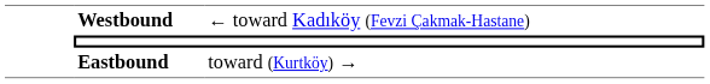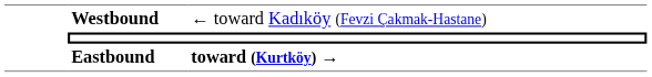 <table table border=0 cellspacing=0 cellpadding=3>
 <tr>
 <td style="border-top:solid 1px gray;border-bottom:solid 1px gray;" width=50 rowspan=3 valign=top></td>
 <td style="border-top:solid 1px gray;" width=100><strong>Westbound</strong></td>
 <td style="border-top:solid 1px gray;" width=400>←  toward <a href='#'>Kadıköy</a> <small>(<a href='#'>Fevzi Çakmak-Hastane</a>)</small></td>
 </tr>
 <tr>
 <td style="border-top:solid 2px black;border-right:solid 2px black;border-left:solid 2px black;border-bottom:solid 2px black;text-align:center;" colspan=2></td>
 </tr>
 <tr>
 <td style="border-bottom:solid 1px gray;"><strong>Eastbound</strong></td>
-<td style="border-bottom:solid 1px gray;"> toward  <small>(<a href='#'>Kurtköy</a>)</small> →</td>
+<td style="border-bottom:solid 1px gray;"><strong> toward  <small>(<a href='#'>Kurtköy</a>)</small> →</strong></td>
 </tr>
 </table>
